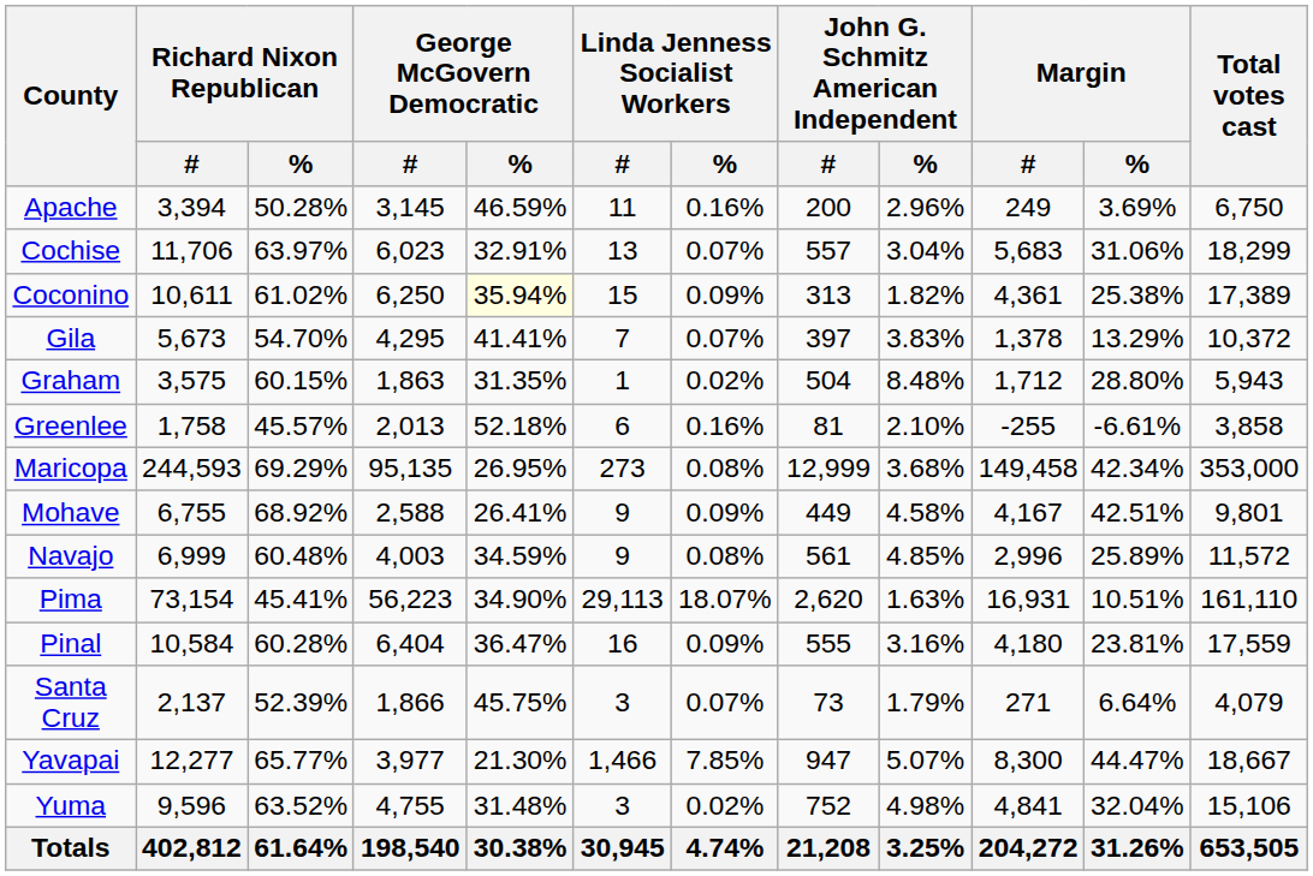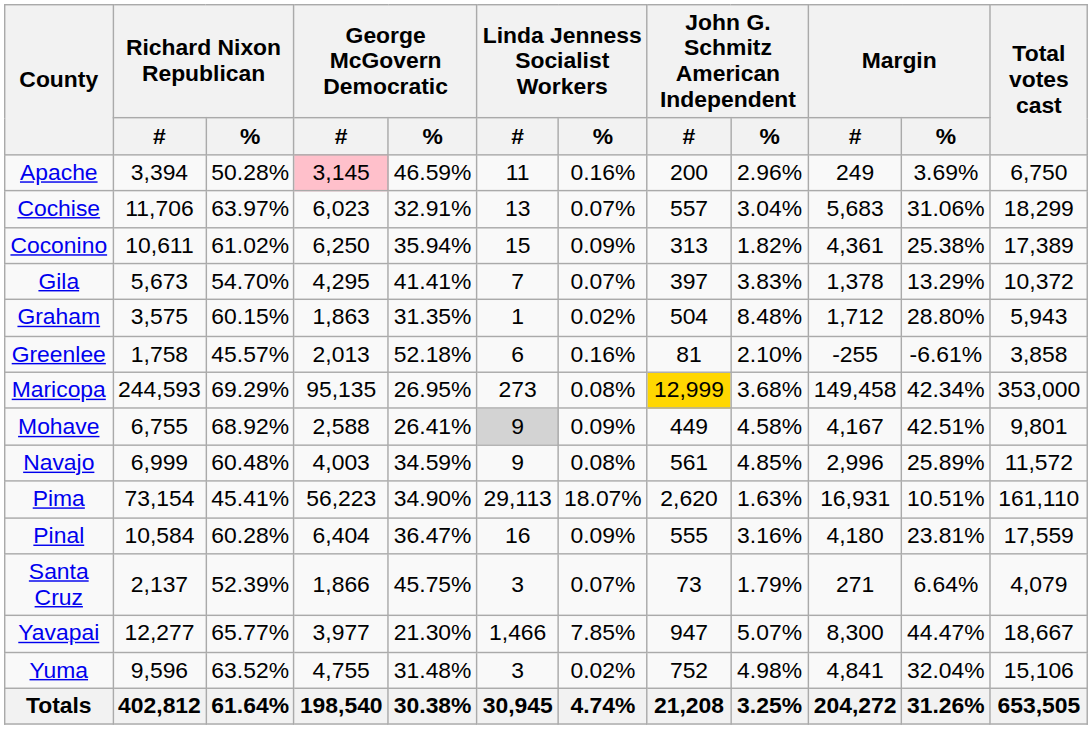 <table width="60%" class="wikitable sortable">
 <tr>
 <th rowspan="2">County</th>
 <th colspan="2">Richard Nixon<br>Republican</th>
 <th colspan="2">George McGovern<br>Democratic</th>
 <th colspan="2">Linda Jenness<br>Socialist Workers</th>
 <th colspan="2">John G. Schmitz<br>American Independent</th>
 <th colspan="2">Margin</th>
 <th rowspan="2">Total votes cast</th>
 </tr>
 <tr>
 <th style="text-align:center;" data-sort-type="number">#</th>
 <th style="text-align:center;" data-sort-type="number">%</th>
 <th style="text-align:center;" data-sort-type="number">#</th>
 <th style="text-align:center;" data-sort-type="number">%</th>
 <th style="text-align:center;" data-sort-type="number">#</th>
 <th style="text-align:center;" data-sort-type="number">%</th>
 <th style="text-align:center;" data-sort-type="number">#</th>
 <th style="text-align:center;" data-sort-type="number">%</th>
 <th style="text-align:center;" data-sort-type="number">#</th>
 <th style="text-align:center;" data-sort-type="number">%</th>
 </tr>
 <tr style="text-align:center;">
 <td><a href='#'>Apache</a></td>
 <td>3,394</td>
 <td>50.28%</td>
-<td>3,145</td>
+<td style="background: pink;">3,145</td>
 <td>46.59%</td>
 <td>11</td>
 <td>0.16%</td>
 <td>200</td>
 <td>2.96%</td>
 <td>249</td>
 <td>3.69%</td>
 <td>6,750</td>
 </tr>
 <tr style="text-align:center;">
 <td><a href='#'>Cochise</a></td>
 <td>11,706</td>
 <td>63.97%</td>
 <td>6,023</td>
 <td>32.91%</td>
 <td>13</td>
 <td>0.07%</td>
 <td>557</td>
 <td>3.04%</td>
 <td>5,683</td>
 <td>31.06%</td>
 <td>18,299</td>
 </tr>
 <tr style="text-align:center;">
 <td><a href='#'>Coconino</a></td>
 <td>10,611</td>
 <td>61.02%</td>
 <td>6,250</td>
-<td style="background: lightyellow;">35.94%</td>
+<td>35.94%</td>
 <td>15</td>
 <td>0.09%</td>
 <td>313</td>
 <td>1.82%</td>
 <td>4,361</td>
 <td>25.38%</td>
 <td>17,389</td>
 </tr>
 <tr style="text-align:center;">
 <td><a href='#'>Gila</a></td>
 <td>5,673</td>
 <td>54.70%</td>
 <td>4,295</td>
 <td>41.41%</td>
 <td>7</td>
 <td>0.07%</td>
 <td>397</td>
 <td>3.83%</td>
 <td>1,378</td>
 <td>13.29%</td>
 <td>10,372</td>
 </tr>
 <tr style="text-align:center;">
 <td><a href='#'>Graham</a></td>
 <td>3,575</td>
 <td>60.15%</td>
 <td>1,863</td>
 <td>31.35%</td>
 <td>1</td>
 <td>0.02%</td>
 <td>504</td>
 <td>8.48%</td>
 <td>1,712</td>
 <td>28.80%</td>
 <td>5,943</td>
 </tr>
 <tr style="text-align:center;">
 <td><a href='#'>Greenlee</a></td>
 <td>1,758</td>
 <td>45.57%</td>
 <td>2,013</td>
 <td>52.18%</td>
 <td>6</td>
 <td>0.16%</td>
 <td>81</td>
 <td>2.10%</td>
 <td>-255</td>
 <td>-6.61%</td>
 <td>3,858</td>
 </tr>
 <tr style="text-align:center;">
 <td><a href='#'>Maricopa</a></td>
 <td>244,593</td>
 <td>69.29%</td>
 <td>95,135</td>
 <td>26.95%</td>
 <td>273</td>
 <td>0.08%</td>
-<td>12,999</td>
+<td style="background: gold;">12,999</td>
 <td>3.68%</td>
 <td>149,458</td>
 <td>42.34%</td>
 <td>353,000</td>
 </tr>
 <tr style="text-align:center;">
 <td><a href='#'>Mohave</a></td>
 <td>6,755</td>
 <td>68.92%</td>
 <td>2,588</td>
 <td>26.41%</td>
-<td>9</td>
+<td style="background: lightgrey;">9</td>
 <td>0.09%</td>
 <td>449</td>
 <td>4.58%</td>
 <td>4,167</td>
 <td>42.51%</td>
 <td>9,801</td>
 </tr>
 <tr style="text-align:center;">
 <td><a href='#'>Navajo</a></td>
 <td>6,999</td>
 <td>60.48%</td>
 <td>4,003</td>
 <td>34.59%</td>
 <td>9</td>
 <td>0.08%</td>
 <td>561</td>
 <td>4.85%</td>
 <td>2,996</td>
 <td>25.89%</td>
 <td>11,572</td>
 </tr>
 <tr style="text-align:center;">
 <td><a href='#'>Pima</a></td>
 <td>73,154</td>
 <td>45.41%</td>
 <td>56,223</td>
 <td>34.90%</td>
 <td>29,113</td>
 <td>18.07%</td>
 <td>2,620</td>
 <td>1.63%</td>
 <td>16,931</td>
 <td>10.51%</td>
 <td>161,110</td>
 </tr>
 <tr style="text-align:center;">
 <td><a href='#'>Pinal</a></td>
 <td>10,584</td>
 <td>60.28%</td>
 <td>6,404</td>
 <td>36.47%</td>
 <td>16</td>
 <td>0.09%</td>
 <td>555</td>
 <td>3.16%</td>
 <td>4,180</td>
 <td>23.81%</td>
 <td>17,559</td>
 </tr>
 <tr style="text-align:center;">
 <td><a href='#'>Santa Cruz</a></td>
 <td>2,137</td>
 <td>52.39%</td>
 <td>1,866</td>
 <td>45.75%</td>
 <td>3</td>
 <td>0.07%</td>
 <td>73</td>
 <td>1.79%</td>
 <td>271</td>
 <td>6.64%</td>
 <td>4,079</td>
 </tr>
 <tr style="text-align:center;">
 <td><a href='#'>Yavapai</a></td>
 <td>12,277</td>
 <td>65.77%</td>
 <td>3,977</td>
 <td>21.30%</td>
 <td>1,466</td>
 <td>7.85%</td>
 <td>947</td>
 <td>5.07%</td>
 <td>8,300</td>
 <td>44.47%</td>
 <td>18,667</td>
 </tr>
 <tr style="text-align:center;">
 <td><a href='#'>Yuma</a></td>
 <td>9,596</td>
 <td>63.52%</td>
 <td>4,755</td>
 <td>31.48%</td>
 <td>3</td>
 <td>0.02%</td>
 <td>752</td>
 <td>4.98%</td>
 <td>4,841</td>
 <td>32.04%</td>
 <td>15,106</td>
 </tr>
 <tr>
 <th>Totals</th>
 <th>402,812</th>
 <th>61.64%</th>
 <th>198,540</th>
 <th>30.38%</th>
 <th>30,945</th>
 <th>4.74%</th>
 <th>21,208</th>
 <th>3.25%</th>
 <th>204,272</th>
 <th>31.26%</th>
 <th>653,505</th>
 </tr>
 </table>
